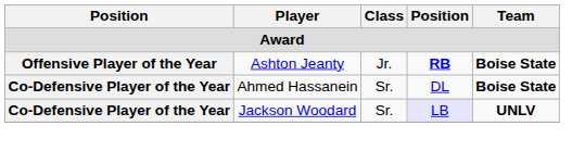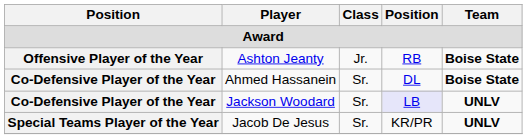 <table class="wikitable">
 <tr>
 <th>Position</th>
 <th>Player</th>
 <th>Class</th>
 <th>Position</th>
 <th>Team</th>
 </tr>
 <tr>
 <td colspan="5" style="text-align:center; background:#ddd;"><strong>Award</strong></td>
 </tr>
 <tr style="text-align:center;">
 <th rowspan="1">Offensive Player of the Year</th>
 <td><a href='#'>Ashton Jeanty</a></td>
 <td>Jr.</td>
-<td><strong><a href='#'>RB</a></strong></td>
+<td><a href='#'>RB</a></td>
 <td><strong>Boise State</strong></td>
 </tr>
 <tr style="text-align:center;">
 <th rowspan="1">Co-Defensive Player of the Year</th>
 <td>Ahmed Hassanein</td>
 <td>Sr.</td>
 <td><a href='#'>DL</a></td>
 <td><strong>Boise State</strong></td>
 </tr>
 <tr style="text-align:center;">
 <th rowspan="1">Co-Defensive Player of the Year</th>
 <td><a href='#'>Jackson Woodard</a></td>
 <td>Sr.</td>
 <td style="background: lavender;"><a href='#'>LB</a></td>
 <td><strong>UNLV</strong></td>
 </tr>
+<tr style="text-align:center;">
+<th rowspan="1">Special Teams Player of the Year</th>
+<td>Jacob De Jesus</td>
+<td>Sr.</td>
+<td>KR/PR</td>
+<td><strong>UNLV</strong></td>
+</tr>
 <tr>
 </tr>
 </table>
